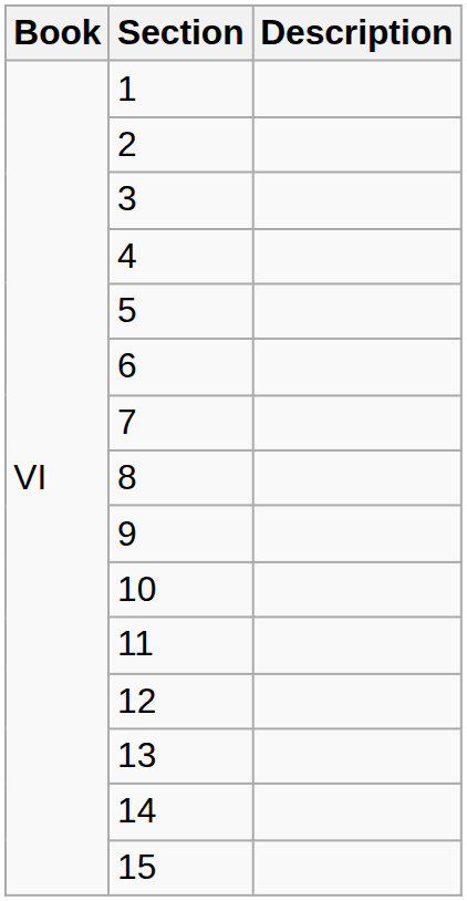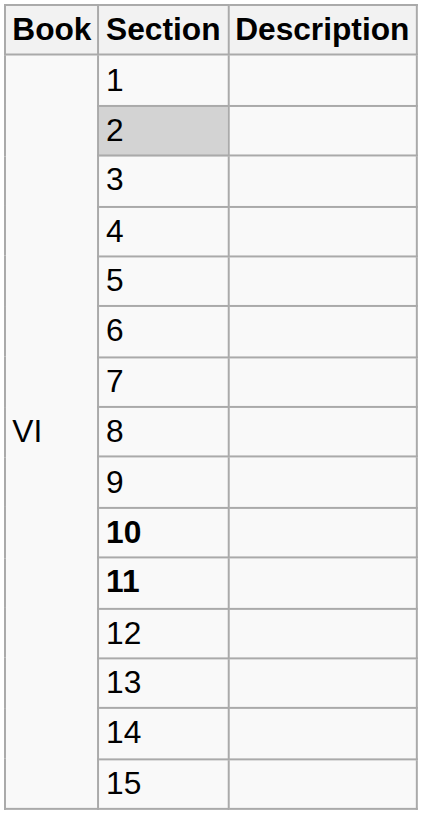 <table class="wikitable" style="max-width:45em;">
 <tr>
 <th>Book</th>
 <th>Section</th>
 <th>Description</th>
 </tr>
 <tr>
 <td rowspan="15">VI</td>
 <td>1</td>
 <td></td>
 </tr>
 <tr>
-<td>2</td>
+<td style="background: lightgrey;">2</td>
 <td></td>
 </tr>
 <tr>
 <td>3</td>
 <td></td>
 </tr>
 <tr>
 <td>4</td>
 <td></td>
 </tr>
 <tr>
 <td>5</td>
 <td></td>
 </tr>
 <tr>
 <td>6</td>
 <td></td>
 </tr>
 <tr>
 <td>7</td>
 <td></td>
 </tr>
 <tr>
 <td>8</td>
 <td></td>
 </tr>
 <tr>
 <td>9</td>
 <td></td>
 </tr>
 <tr>
-<td>10</td>
+<td><strong>10</strong></td>
 <td></td>
 </tr>
 <tr>
-<td>11</td>
+<td><strong>11</strong></td>
 <td></td>
 </tr>
 <tr>
 <td>12</td>
 <td></td>
 </tr>
 <tr>
 <td>13</td>
 <td></td>
 </tr>
 <tr>
 <td>14</td>
 <td></td>
 </tr>
 <tr>
 <td>15</td>
 <td></td>
 </tr>
 </table>
